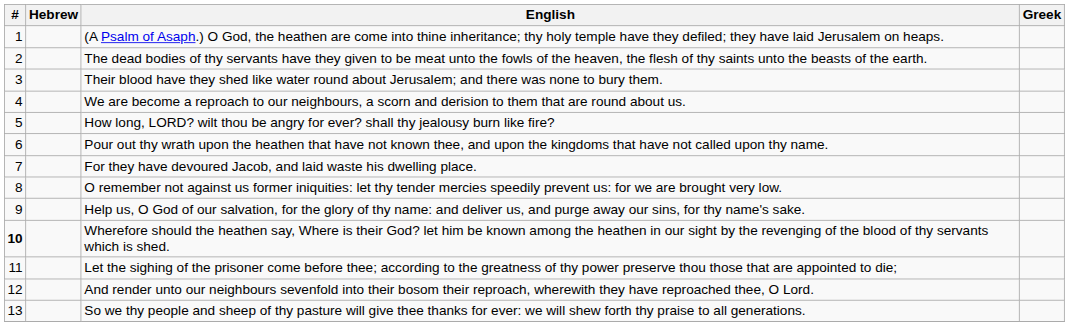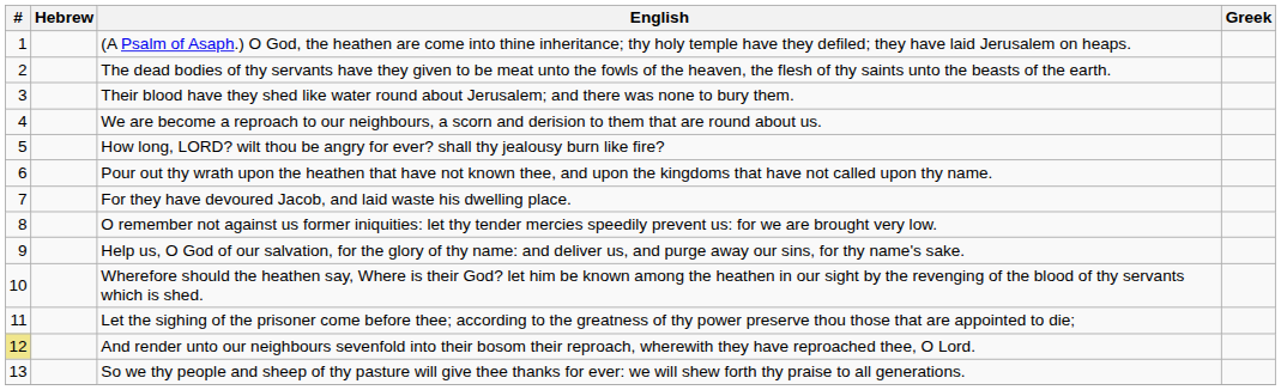 <table class=wikitable>
 <tr>
 <th>#</th>
 <th>Hebrew</th>
 <th>English</th>
 <th>Greek</th>
 </tr>
 <tr>
 <td style="text-align:right">1</td>
 <td style="text-align:right"></td>
 <td>(A <a href='#'>Psalm of Asaph</a>.) O God, the heathen are come into thine inheritance; thy holy temple have they defiled; they have laid Jerusalem on heaps.</td>
 <td></td>
 </tr>
 <tr>
 <td style="text-align:right">2</td>
 <td style="text-align:right"></td>
 <td>The dead bodies of thy servants have they given to be meat unto the fowls of the heaven, the flesh of thy saints unto the beasts of the earth.</td>
 <td></td>
 </tr>
 <tr>
 <td style="text-align:right">3</td>
 <td style="text-align:right"></td>
 <td>Their blood have they shed like water round about Jerusalem; and there was none to bury them.</td>
 <td></td>
 </tr>
 <tr>
 <td style="text-align:right">4</td>
 <td style="text-align:right"></td>
 <td>We are become a reproach to our neighbours, a scorn and derision to them that are round about us.</td>
 <td></td>
 </tr>
 <tr>
 <td style="text-align:right">5</td>
 <td style="text-align:right"></td>
 <td>How long, LORD? wilt thou be angry for ever? shall thy jealousy burn like fire?</td>
 <td></td>
 </tr>
 <tr>
 <td style="text-align:right">6</td>
 <td style="text-align:right"></td>
 <td>Pour out thy wrath upon the heathen that have not known thee, and upon the kingdoms that have not called upon thy name.</td>
 <td></td>
 </tr>
 <tr>
 <td style="text-align:right">7</td>
 <td style="text-align:right"></td>
 <td>For they have devoured Jacob, and laid waste his dwelling place.</td>
 <td></td>
 </tr>
 <tr>
 <td style="text-align:right">8</td>
 <td style="text-align:right"></td>
 <td>O remember not against us former iniquities: let thy tender mercies speedily prevent us: for we are brought very low.</td>
 <td></td>
 </tr>
 <tr>
 <td style="text-align:right">9</td>
 <td style="text-align:right"></td>
 <td>Help us, O God of our salvation, for the glory of thy name: and deliver us, and purge away our sins, for thy name's sake.</td>
 <td></td>
 </tr>
 <tr>
-<td style="text-align:right"><strong>10</strong></td>
+<td style="text-align:right">10</td>
 <td style="text-align:right"></td>
 <td>Wherefore should the heathen say, Where is their God? let him be known among the heathen in our sight by the revenging of the blood of thy servants which is shed.</td>
 <td></td>
 </tr>
 <tr>
 <td style="text-align:right">11</td>
 <td style="text-align:right"></td>
 <td>Let the sighing of the prisoner come before thee; according to the greatness of thy power preserve thou those that are appointed to die;</td>
 <td></td>
 </tr>
 <tr>
-<td style="text-align:right">12</td>
+<td style="background: khaki; text-align:right">12</td>
 <td style="text-align:right"></td>
 <td>And render unto our neighbours sevenfold into their bosom their reproach, wherewith they have reproached thee, O Lord.</td>
 <td></td>
 </tr>
 <tr>
 <td style="text-align:right">13</td>
 <td style="text-align:right"></td>
 <td>So we thy people and sheep of thy pasture will give thee thanks for ever: we will shew forth thy praise to all generations.</td>
 <td></td>
 </tr>
 <tr>
 </tr>
 </table>
